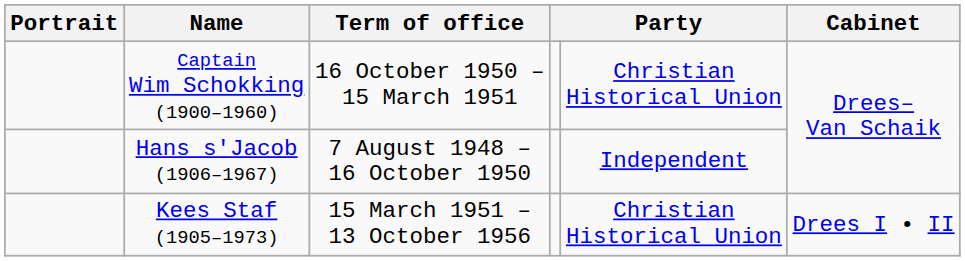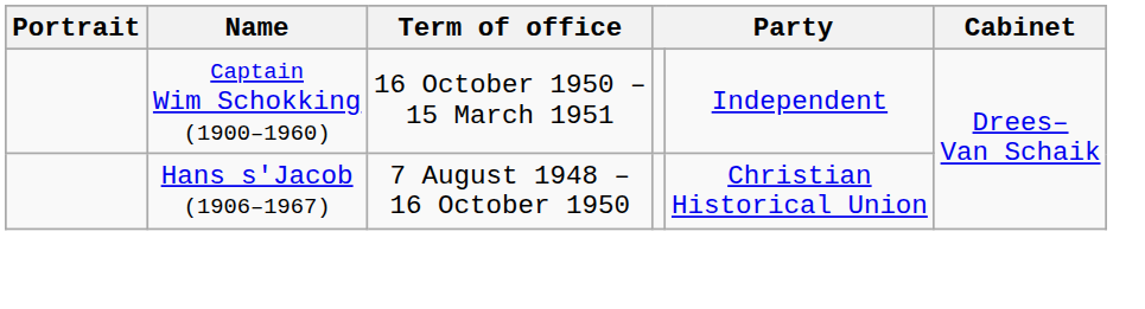 <table class="wikitable" style="text-align:center">
 <tr>
 <th>Portrait</th>
 <th>Name</th>
 <th>Term of office</th>
 <th colspan=2>Party</th>
 <th>Cabinet</th>
 </tr>
 <tr>
 <td></td>
 <td><small><a href='#'>Captain</a></small> <br> <a href='#'>Wim Schokking</a> <br> <small>(1900–1960)</small></td>
 <td>16 October 1950 – <br> 15 March 1951</td>
 <td style="background:"></td>
-<td><a href='#'>Christian <br> Historical Union</a></td>
+<td><a href='#'>Independent</a></td>
 <td rowspan=2><a href='#'>Drees–<br>Van Schaik</a> <br></td>
 </tr>
 <tr>
 <td></td>
 <td><a href='#'>Hans s'Jacob</a> <br> <small>(1906–1967)</small></td>
 <td>7 August 1948 – <br> 16 October 1950 <br> </td>
 <td style="background:"></td>
-<td><a href='#'>Independent</a></td>
-</tr>
-<tr>
-<td></td>
-<td><a href='#'>Kees Staf</a> <br> <small>(1905–1973)</small></td>
-<td>15 March 1951 – <br> 13 October 1956</td>
-<td style="background:"></td>
 <td><a href='#'>Christian <br> Historical Union</a></td>
-<td><a href='#'>Drees I</a> • <a href='#'>II</a> <br></td>
 </tr>
 </table>
